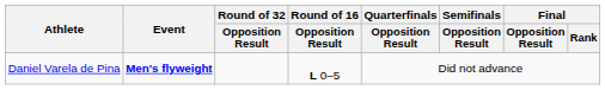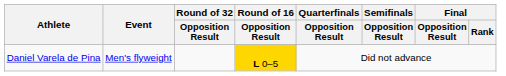 <table class="wikitable" style="font-size:90%">
 <tr>
 <th rowspan="2">Athlete</th>
 <th rowspan="2">Event</th>
 <th>Round of 32</th>
 <th>Round of 16</th>
 <th>Quarterfinals</th>
 <th>Semifinals</th>
 <th colspan=2>Final</th>
 </tr>
 <tr style="font-size:95%">
 <th>Opposition<br>Result</th>
 <th>Opposition<br>Result</th>
 <th>Opposition<br>Result</th>
 <th>Opposition<br>Result</th>
 <th>Opposition<br>Result</th>
 <th>Rank</th>
 </tr>
 <tr align=center>
 <td align=left><a href='#'>Daniel Varela de Pina</a></td>
-<td align=left><strong><a href='#'>Men's flyweight</a></strong></td>
+<td align=left><a href='#'>Men's flyweight</a></td>
 <td></td>
-<td><br> <strong>L</strong> 0–5</td>
+<td style="background: gold;"><br> <strong>L</strong> 0–5</td>
 <td colspan=4>Did not advance</td>
 </tr>
 </table>
